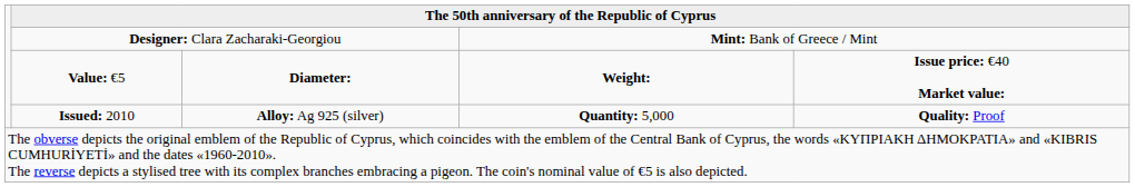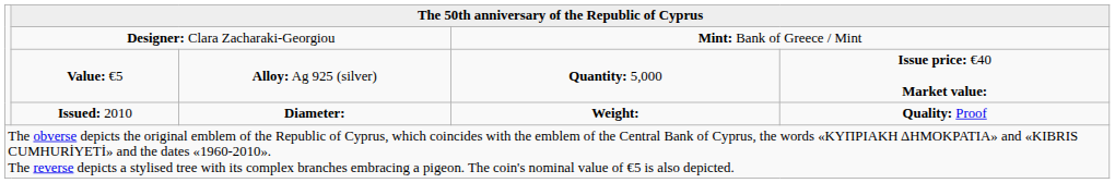 <table class="wikitable" width="100%">
 <tr>
 <td rowspan=4 width="330px" nowrap align=center><br> </td>
 <th colspan="4" align=center style="background:#eeeeee;">The 50th anniversary of the Republic of Cyprus</th>
 </tr>
 <tr>
 <td colspan="2" width="40%" align=center><strong>Designer:</strong> Clara Zacharaki-Georgiou</td>
 <td colspan="2" width="60%" align=center><strong>Mint:</strong> Bank of Greece / Mint</td>
 </tr>
 <tr>
 <td align=center><strong>Value:</strong> €5</td>
-<td align=center><strong>Diameter:</strong> </td>
-<td align=center><strong>Weight:</strong> </td>
+<td align=center><strong>Alloy:</strong> Ag 925 (silver)</td>
+<td align=center><strong>Quantity:</strong> 5,000</td>
 <td align=center><strong>Issue price:</strong> €40<br><br><strong>Market value:</strong></td>
 </tr>
 <tr>
 <td align=center><strong>Issued:</strong> 2010</td>
-<td align=center><strong>Alloy:</strong> Ag 925 (silver)</td>
-<td align=center><strong>Quantity:</strong> 5,000</td>
+<td align=center><strong>Diameter:</strong> </td>
+<td align=center><strong>Weight:</strong> </td>
 <td align=center><strong>Quality:</strong> <a href='#'>Proof</a></td>
 </tr>
 <tr>
 <td colspan="5" align=left>The <a href='#'>obverse</a> depicts the original emblem of the Republic of Cyprus, which coincides with the emblem of the Central Bank of Cyprus, the words «ΚΥΠΡΙΑΚΗ ΔΗΜΟΚΡΑΤΙΑ» and «KIBRIS CUMHURİYETİ» and the dates «1960-2010».<br>The <a href='#'>reverse</a> depicts a stylised tree with its complex branches embracing a pigeon. The coin's nominal value of €5 is also depicted.</td>
 </tr>
 </table>
